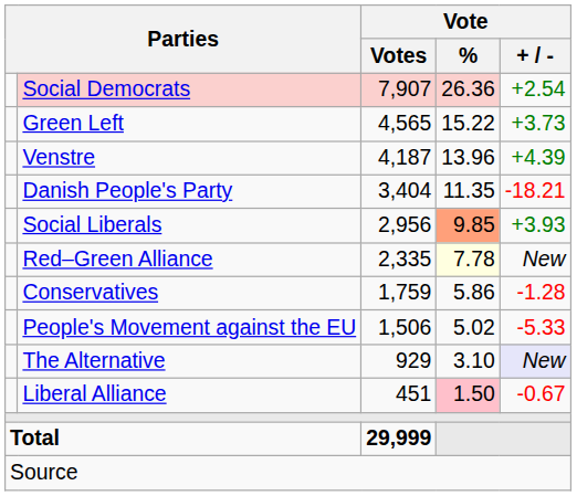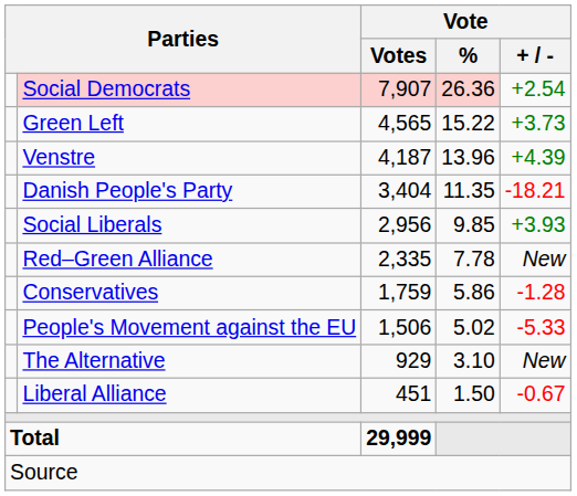 <table class="wikitable" style="text-align:right;">
 <tr>
 <th style="text-align:centre;" rowspan="2" colspan="2" width="225">Parties</th>
 <th colspan="3">Vote</th>
 </tr>
 <tr>
 <th width="15">Votes</th>
 <th width="15">%</th>
 <th width="15">+ / -</th>
 </tr>
 <tr>
 <td width="2" style="color:inherit;background:"></td>
 <td bgcolor=#fbd0ce   align="left"><a href='#'>Social Democrats</a></td>
 <td bgcolor=#fbd0ce>7,907</td>
 <td bgcolor=#fbd0ce>26.36</td>
 <td style=color:green;>+2.54</td>
 </tr>
 <tr>
 <td width="2" style="color:inherit;background:"></td>
 <td align="left"><a href='#'>Green Left</a></td>
 <td>4,565</td>
 <td>15.22</td>
 <td style=color:green;>+3.73</td>
 </tr>
 <tr>
 <td width="2" style="color:inherit;background:"></td>
 <td align="left"><a href='#'>Venstre</a></td>
 <td>4,187</td>
 <td>13.96</td>
 <td style=color:green;>+4.39</td>
 </tr>
 <tr>
 <td width="2" style="color:inherit;background:"></td>
 <td align="left"><a href='#'>Danish People's Party</a></td>
 <td>3,404</td>
 <td>11.35</td>
 <td style=color:red;>-18.21</td>
 </tr>
 <tr>
 <td width="2" style="color:inherit;background:"></td>
 <td align="left"><a href='#'>Social Liberals</a></td>
 <td>2,956</td>
-<td style="background: lightsalmon;">9.85</td>
+<td>9.85</td>
 <td style=color:green;>+3.93</td>
 </tr>
 <tr>
 <td width="2" style="color:inherit;background:"></td>
 <td align="left"><a href='#'>Red–Green Alliance</a></td>
 <td>2,335</td>
-<td style="background: lightyellow;">7.78</td>
+<td>7.78</td>
 <td><em>New</em></td>
 </tr>
 <tr>
 <td width="2" style="color:inherit;background:"></td>
 <td align="left"><a href='#'>Conservatives</a></td>
 <td>1,759</td>
 <td>5.86</td>
 <td style=color:red;>-1.28</td>
 </tr>
 <tr>
 <td width="2" style="color:inherit;background:"></td>
 <td align="left"><a href='#'>People's Movement against the EU</a></td>
 <td>1,506</td>
 <td>5.02</td>
 <td style=color:red;>-5.33</td>
 </tr>
 <tr>
 <td width="2" style="color:inherit;background:"></td>
 <td align="left"><a href='#'>The Alternative</a></td>
 <td>929</td>
 <td>3.10</td>
-<td style="background: lavender;"><em>New</em></td>
+<td><em>New</em></td>
 </tr>
 <tr>
 <td width="2" style="color:inherit;background:"></td>
 <td align="left"><a href='#'>Liberal Alliance</a></td>
 <td>451</td>
-<td style="background: pink;">1.50</td>
+<td>1.50</td>
 <td style=color:red;>-0.67</td>
 </tr>
 <tr>
 <td colspan="7" bgcolor="#E9E9E9"></td>
 </tr>
 <tr>
 <td align="left" colspan="2"><strong>Total</strong></td>
 <td><strong>29,999</strong></td>
 <td bgcolor="#E9E9E9" colspan="2"></td>
 </tr>
 <tr>
 <td align="left" colspan="6">Source</td>
 </tr>
 </table>
